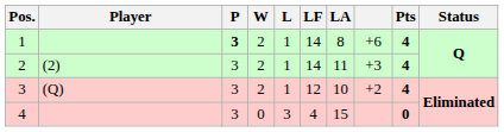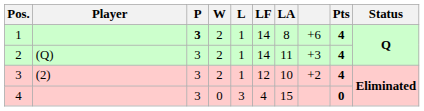 <table class="wikitable" style="text-align:center; margin: 1em auto 1em auto, align:left">
 <tr>
 <th width=20>Pos.</th>
 <th width=185>Player</th>
 <th width=20>P</th>
 <th width=20>W</th>
 <th width=20>L</th>
 <th width=20>LF</th>
 <th width=20>LA</th>
 <th style="width:2em;"></th>
 <th width=20>Pts</th>
 <th width=70>Status</th>
 </tr>
 <tr style="background:#CCFFCC;">
 <td>1</td>
 <td style="text-align:left"></td>
 <td><strong>3</strong></td>
 <td>2</td>
 <td>1</td>
 <td>14</td>
 <td>8</td>
 <td>+6</td>
 <td><strong>4</strong></td>
 <td rowspan=2><strong>Q</strong></td>
 </tr>
 <tr style="background:#CCFFCC;">
 <td>2</td>
-<td style="text-align:left"> (2)</td>
+<td style="text-align:left"> (Q)</td>
 <td>3</td>
 <td>2</td>
 <td>1</td>
 <td>14</td>
 <td>11</td>
 <td>+3</td>
 <td><strong>4</strong></td>
 </tr>
 <tr style="background:#FFCCCC;">
 <td>3</td>
-<td style="text-align:left"> (Q)</td>
+<td style="text-align:left"> (2)</td>
 <td>3</td>
 <td>2</td>
 <td>1</td>
 <td>12</td>
 <td>10</td>
 <td>+2</td>
 <td><strong>4</strong></td>
 <td rowspan=2><strong>Eliminated</strong></td>
 </tr>
 <tr style="background:#FFCCCC;">
 <td>4</td>
 <td style="text-align:left"></td>
 <td>3</td>
 <td>0</td>
 <td>3</td>
 <td>4</td>
 <td>15</td>
 <td></td>
 <td><strong>0</strong></td>
 </tr>
 </table>
